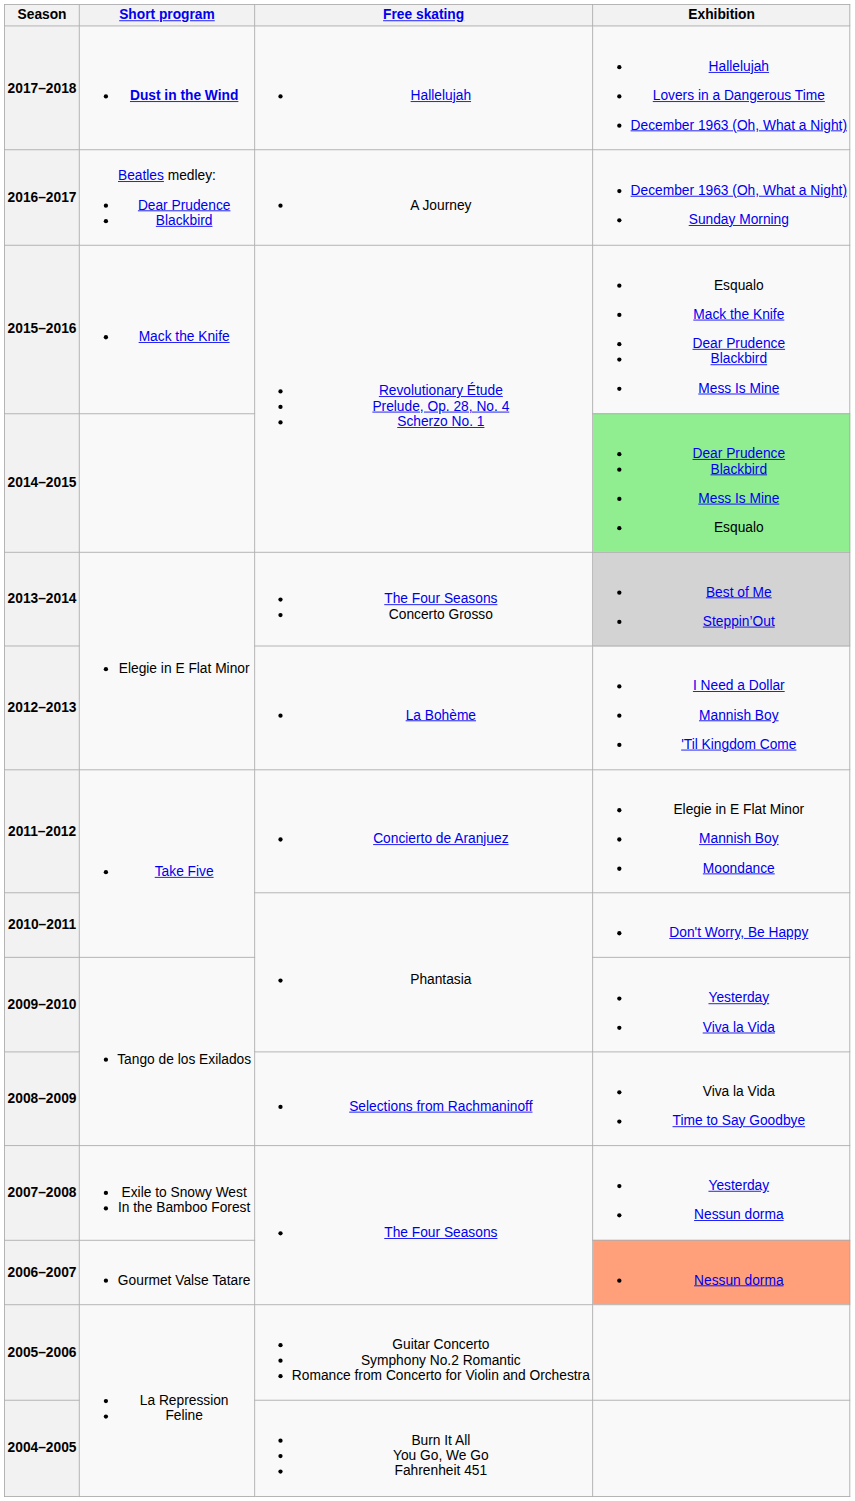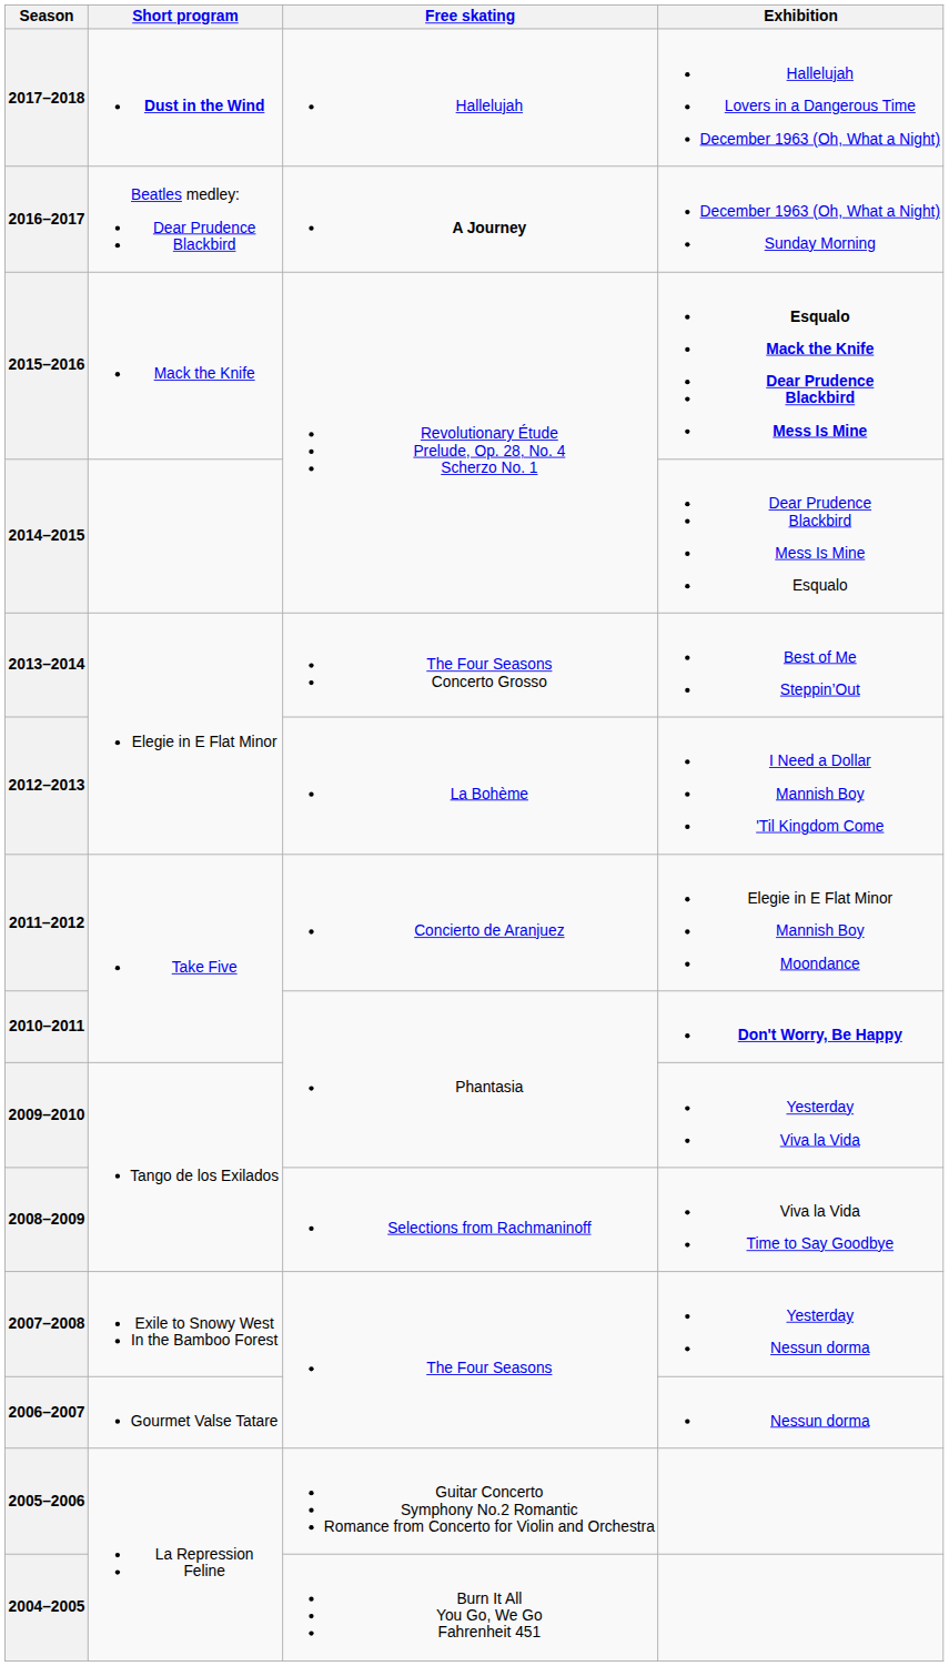 <table class="wikitable" style="text-align:center">
 <tr>
 <th>Season</th>
 <th><a href='#'>Short program</a></th>
 <th><a href='#'>Free skating</a></th>
 <th>Exhibition</th>
 </tr>
 <tr>
 <th>2017–2018 <br></th>
 <td><strong><br><ul><li><a href='#'>Dust in the Wind</a> <br> </li></ul></strong></td>
 <td><br><ul><li><a href='#'>Hallelujah</a> <br> </li></ul></td>
 <td><br><ul><li><a href='#'>Hallelujah</a> <br> </li></ul><ul><li><a href='#'>Lovers in a Dangerous Time</a> <br></li></ul><ul><li><a href='#'>December 1963 (Oh, What a Night)</a> <br></li></ul></td>
 </tr>
 <tr>
 <th>2016–2017<br></th>
 <td><br><a href='#'>Beatles</a> medley:<ul><li><a href='#'>Dear Prudence</a></li><li><a href='#'>Blackbird</a> <br></li></ul></td>
-<td><br><ul><li>A Journey <br></li></ul></td>
+<td><strong><br><ul><li>A Journey <br></li></ul></strong></td>
 <td><br><ul><li><a href='#'>December 1963 (Oh, What a Night)</a> <br></li></ul><ul><li><a href='#'>Sunday Morning</a> <br></li></ul></td>
 </tr>
 <tr>
 <th>2015–2016<br></th>
 <td><br><ul><li><a href='#'>Mack the Knife</a> <br></li></ul></td>
 <td rowspan=2><br><ul><li><a href='#'>Revolutionary Étude</a></li><li><a href='#'>Prelude, Op. 28, No. 4</a></li><li><a href='#'>Scherzo No. 1</a> <br></li></ul></td>
-<td><br><ul><li>Esqualo <br></li></ul><ul><li><a href='#'>Mack the Knife</a> <br></li></ul><ul><li><a href='#'>Dear Prudence</a></li><li><a href='#'>Blackbird</a> <br></li></ul><ul><li><a href='#'>Mess Is Mine</a> <br></li></ul></td>
+<td><strong><br><ul><li>Esqualo <br></li></ul><ul><li><a href='#'>Mack the Knife</a> <br></li></ul><ul><li><a href='#'>Dear Prudence</a></li><li><a href='#'>Blackbird</a> <br></li></ul><ul><li><a href='#'>Mess Is Mine</a> <br></li></ul></strong></td>
 </tr>
 <tr>
 <th>2014–2015<br></th>
 <td></td>
-<td style="background: lightgreen;"><br><ul><li><a href='#'>Dear Prudence</a></li><li><a href='#'>Blackbird</a> <br></li></ul><ul><li><a href='#'>Mess Is Mine</a> <br></li></ul><ul><li>Esqualo <br></li></ul></td>
+<td><br><ul><li><a href='#'>Dear Prudence</a></li><li><a href='#'>Blackbird</a> <br></li></ul><ul><li><a href='#'>Mess Is Mine</a> <br></li></ul><ul><li>Esqualo <br></li></ul></td>
 </tr>
 <tr>
 <th>2013–2014 <br></th>
 <td rowspan=2><br><ul><li>Elegie in E Flat Minor <br></li></ul></td>
 <td><br><ul><li><a href='#'>The Four Seasons</a> <br></li><li>Concerto Grosso <br></li></ul></td>
-<td style="background: lightgrey;"><br><ul><li><a href='#'>Best of Me</a> <br></li></ul><ul><li><a href='#'>Steppin’Out</a> <br></li></ul></td>
+<td><br><ul><li><a href='#'>Best of Me</a> <br></li></ul><ul><li><a href='#'>Steppin’Out</a> <br></li></ul></td>
 </tr>
 <tr>
 <th>2012–2013 <br> </th>
 <td><br><ul><li><a href='#'>La Bohème</a> <br></li></ul></td>
 <td><br><ul><li><a href='#'>I Need a Dollar</a> <br></li></ul><ul><li><a href='#'>Mannish Boy</a> <br></li></ul><ul><li><a href='#'>'Til Kingdom Come</a> <br></li></ul></td>
 </tr>
 <tr>
 <th>2011–2012 <br></th>
 <td rowspan=2><br><ul><li><a href='#'>Take Five</a> <br></li></ul></td>
 <td><br><ul><li><a href='#'>Concierto de Aranjuez</a> <br></li></ul></td>
 <td><br><ul><li>Elegie in E Flat Minor <br></li></ul><ul><li><a href='#'>Mannish Boy</a> <br></li></ul><ul><li><a href='#'>Moondance</a> <br> </li></ul></td>
 </tr>
 <tr>
 <th>2010–2011 <br></th>
 <td rowspan=2><br><ul><li>Phantasia <br></li></ul></td>
-<td><br><ul><li><a href='#'>Don't Worry, Be Happy</a> <br></li></ul></td>
+<td><strong><br><ul><li><a href='#'>Don't Worry, Be Happy</a> <br></li></ul></strong></td>
 </tr>
 <tr>
 <th>2009–2010 <br></th>
 <td rowspan=2><br><ul><li>Tango de los Exilados <br></li></ul></td>
 <td><br><ul><li><a href='#'>Yesterday</a> <br></li></ul><ul><li><a href='#'>Viva la Vida</a> <br></li></ul></td>
 </tr>
 <tr>
 <th>2008–2009 <br></th>
 <td><br><ul><li><a href='#'>Selections from Rachmaninoff</a> <br></li></ul></td>
 <td><br><ul><li>Viva la Vida <br></li></ul><ul><li><a href='#'>Time to Say Goodbye</a> <br></li></ul></td>
 </tr>
 <tr>
 <th>2007–2008 <br></th>
 <td><br><ul><li>Exile to Snowy West</li><li>In the Bamboo Forest <br></li></ul></td>
 <td rowspan=2><br><ul><li><a href='#'>The Four Seasons</a> <br></li></ul></td>
 <td><br><ul><li><a href='#'>Yesterday</a> <br></li></ul><ul><li><a href='#'>Nessun dorma</a> <br></li></ul></td>
 </tr>
 <tr>
 <th>2006–2007 <br></th>
 <td><br><ul><li>Gourmet Valse Tatare <br></li></ul></td>
-<td style="background: lightsalmon;"><br><ul><li><a href='#'>Nessun dorma</a> <br></li></ul></td>
+<td><br><ul><li><a href='#'>Nessun dorma</a> <br></li></ul></td>
 </tr>
 <tr>
 <th>2005–2006 <br></th>
 <td rowspan=2><br><ul><li>La Repression <br></li><li>Feline <br></li></ul></td>
 <td><br><ul><li>Guitar Concerto <br></li><li>Symphony No.2 Romantic <br></li><li>Romance from Concerto for Violin and Orchestra <br></li></ul></td>
 <td></td>
 </tr>
 <tr>
 <th>2004–2005 <br></th>
 <td><br><ul><li>Burn It All</li><li>You Go, We Go</li><li>Fahrenheit 451 <br></li></ul></td>
 <td></td>
 </tr>
 </table>
